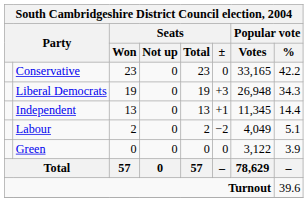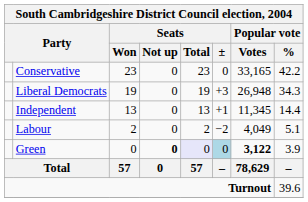 <table class="wikitable">
 <tr>
 <th colspan="8"><strong>South Cambridgeshire District Council election, 2004</strong></th>
 </tr>
 <tr>
 <th rowspan="2" colspan="2">Party</th>
 <th colspan="4">Seats</th>
 <th colspan="2">Popular vote</th>
 </tr>
 <tr>
 <th>Won</th>
 <th>Not up</th>
 <th>Total</th>
 <th>±</th>
 <th>Votes</th>
 <th>%</th>
 </tr>
 <tr>
 <td style="background-color: "> </td>
 <td><a href='#'>Conservative</a></td>
 <td align=right>23</td>
 <td align=right>0</td>
 <td align=right>23</td>
 <td align=right>0</td>
 <td align=right>33,165</td>
 <td align=right>42.2</td>
 </tr>
 <tr>
 <td style="background-color: "> </td>
 <td><a href='#'>Liberal Democrats</a></td>
 <td align=right>19</td>
 <td align=right>0</td>
 <td align=right>19</td>
 <td align=right>+3</td>
 <td align=right>26,948</td>
 <td align=right>34.3</td>
 </tr>
 <tr>
 <td style="background-color: "> </td>
 <td><a href='#'>Independent</a></td>
 <td align=right>13</td>
 <td align=right>0</td>
 <td align=right>13</td>
 <td align=right>+1</td>
 <td align=right>11,345</td>
 <td align=right>14.4</td>
 </tr>
 <tr>
 <td style="background-color: "> </td>
 <td><a href='#'>Labour</a></td>
 <td align=right>2</td>
 <td align=right>0</td>
 <td align=right>2</td>
 <td align=right>−2</td>
 <td align=right>4,049</td>
 <td align=right>5.1</td>
 </tr>
 <tr>
 <td style="background-color: "> </td>
 <td><a href='#'>Green</a></td>
 <td align=right>0</td>
-<td align=right>0</td>
-<td align=right>0</td>
-<td align=right>0</td>
-<td align=right>3,122</td>
+<td align=right><strong>0</strong></td>
+<td align=right style="background: lavender;">0</td>
+<td align=right style="background: lightblue;">0</td>
+<td align=right><strong>3,122</strong></td>
 <td align=right>3.9</td>
 </tr>
 <tr>
 <th colspan="2">Total</th>
 <th align=right>57</th>
 <th align=right>0</th>
 <th align=right>57</th>
 <th align=right>–</th>
 <th align=right>78,629</th>
 <th align=right>–</th>
 </tr>
 <tr>
 <td colspan="7" align=right><strong>Turnout</strong></td>
 <td align=right>39.6</td>
 </tr>
 <tr>
 </tr>
 </table>
